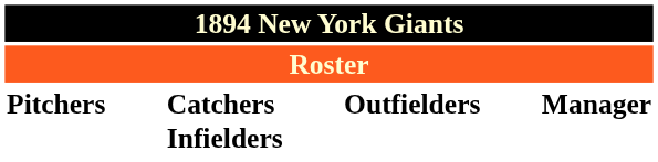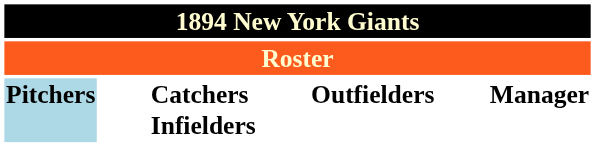 <table class="toccolours" style="font-size: 95%;">
 <tr>
 <th colspan="10" style="background-color: black; color: #FFFDD0; text-align: center;">1894 New York Giants</th>
 </tr>
 <tr>
 <td colspan="10" style="background-color: #fd5a1e; color: #FFFDD0; text-align: center;"><strong>Roster</strong></td>
 </tr>
 <tr>
-<td valign="top"><strong>Pitchers</strong><br>    </td>
+<td valign="top" style="background: lightblue;"><strong>Pitchers</strong><br>    </td>
 <td width="25px"></td>
 <td valign="top"><strong>Catchers</strong><br>  <strong>Infielders</strong>       </td>
 <td width="25px"></td>
 <td valign="top"><strong>Outfielders</strong><br>  </td>
 <td width="25px"></td>
 <td valign="top"><strong>Manager</strong><br></td>
 </tr>
 </table>
